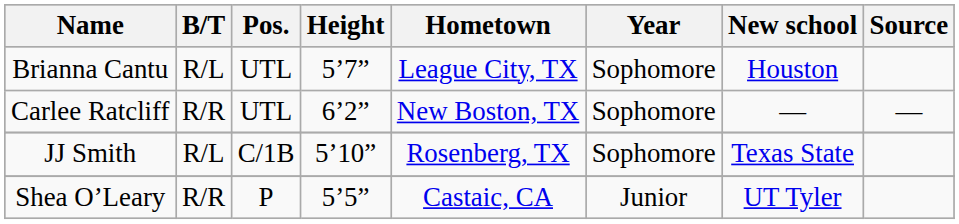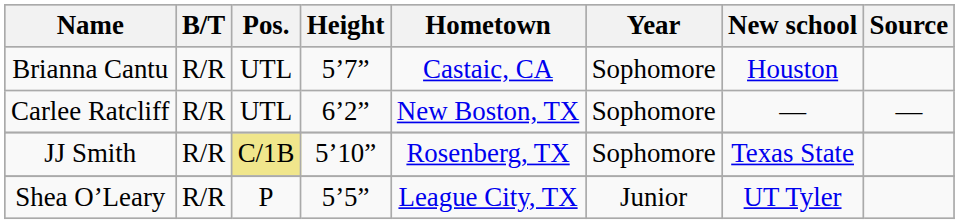 <table class="wikitable sortable">
 <tr>
 <th style="text-align:center; ">Name</th>
 <th style="text-align:center; ">B/T</th>
 <th style="text-align:center; ">Pos.</th>
 <th style="text-align:center; ">Height</th>
 <th style="text-align:center; ">Hometown</th>
 <th style="text-align:center; ">Year</th>
 <th style="text-align:center; ">New school</th>
 <th style="text-align:center; ">Source</th>
 </tr>
 <tr align="center">
 <td>Brianna Cantu</td>
-<td>R/L</td>
+<td>R/R</td>
 <td>UTL</td>
 <td>5’7”</td>
-<td><a href='#'>League City, TX</a></td>
+<td><a href='#'>Castaic, CA</a></td>
 <td>Sophomore</td>
 <td><a href='#'>Houston</a></td>
 <td></td>
 </tr>
 <tr align="center">
 <td>Carlee Ratcliff</td>
 <td>R/R</td>
 <td>UTL</td>
 <td>6’2”</td>
 <td><a href='#'>New Boston, TX</a></td>
 <td>Sophomore</td>
 <td>—</td>
 <td>—</td>
 </tr>
 <tr>
 </tr>
 <tr align="center">
 <td>JJ Smith</td>
-<td>R/L</td>
-<td>C/1B</td>
+<td>R/R</td>
+<td style="background: khaki;">C/1B</td>
 <td>5’10”</td>
 <td><a href='#'>Rosenberg, TX</a></td>
 <td>Sophomore</td>
 <td><a href='#'>Texas State</a></td>
 <td></td>
 </tr>
 <tr>
 </tr>
 <tr align="center">
 <td>Shea O’Leary</td>
 <td>R/R</td>
 <td>P</td>
 <td>5’5”</td>
-<td><a href='#'>Castaic, CA</a></td>
+<td><a href='#'>League City, TX</a></td>
 <td>Junior</td>
 <td><a href='#'>UT Tyler</a></td>
 <td></td>
 </tr>
 </table>
